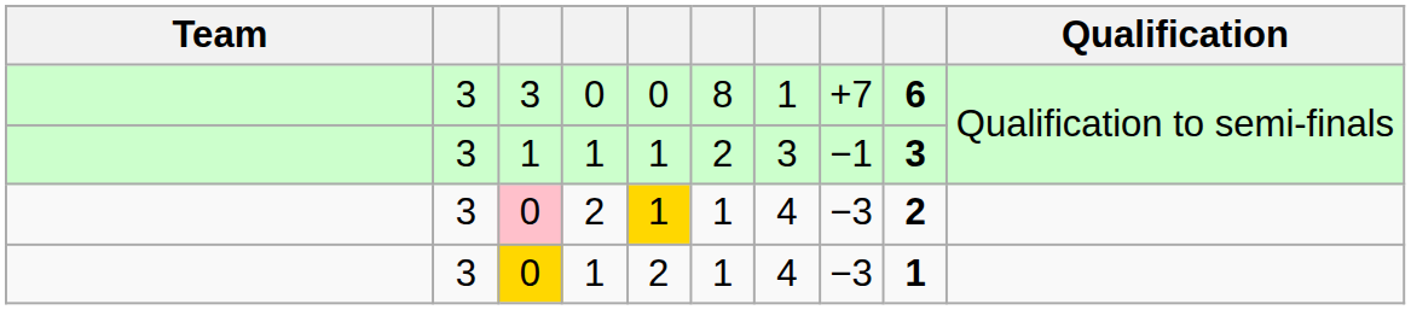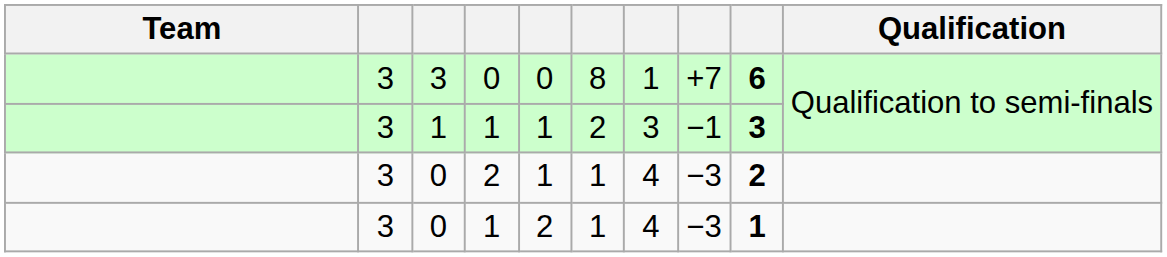 <table class="wikitable" style="text-align:center;">
 <tr>
 <th width=175>Team</th>
 <th width=20></th>
 <th width=20></th>
 <th width=20></th>
 <th width=20></th>
 <th width=20></th>
 <th width=20></th>
 <th width=20></th>
 <th width=20></th>
 <th>Qualification</th>
 </tr>
 <tr bgcolor="#ccffcc">
 <td align="left"></td>
 <td>3</td>
 <td>3</td>
 <td>0</td>
 <td>0</td>
 <td>8</td>
 <td>1</td>
 <td>+7</td>
 <td><strong>6</strong></td>
 <td rowspan="2">Qualification to semi-finals</td>
 </tr>
 <tr bgcolor="#ccffcc">
 <td align="left"></td>
 <td>3</td>
 <td>1</td>
 <td>1</td>
 <td>1</td>
 <td>2</td>
 <td>3</td>
 <td>−1</td>
 <td><strong>3</strong></td>
 </tr>
 <tr>
 <td align="left"></td>
 <td>3</td>
-<td style="background: pink;">0</td>
+<td>0</td>
 <td>2</td>
-<td style="background: gold;">1</td>
+<td>1</td>
 <td>1</td>
 <td>4</td>
 <td>−3</td>
 <td><strong>2</strong></td>
 <td></td>
 </tr>
 <tr>
 <td align="left"></td>
 <td>3</td>
-<td style="background: gold;">0</td>
+<td>0</td>
 <td>1</td>
 <td>2</td>
 <td>1</td>
 <td>4</td>
 <td>−3</td>
 <td><strong>1</strong></td>
 <td></td>
 </tr>
 </table>
